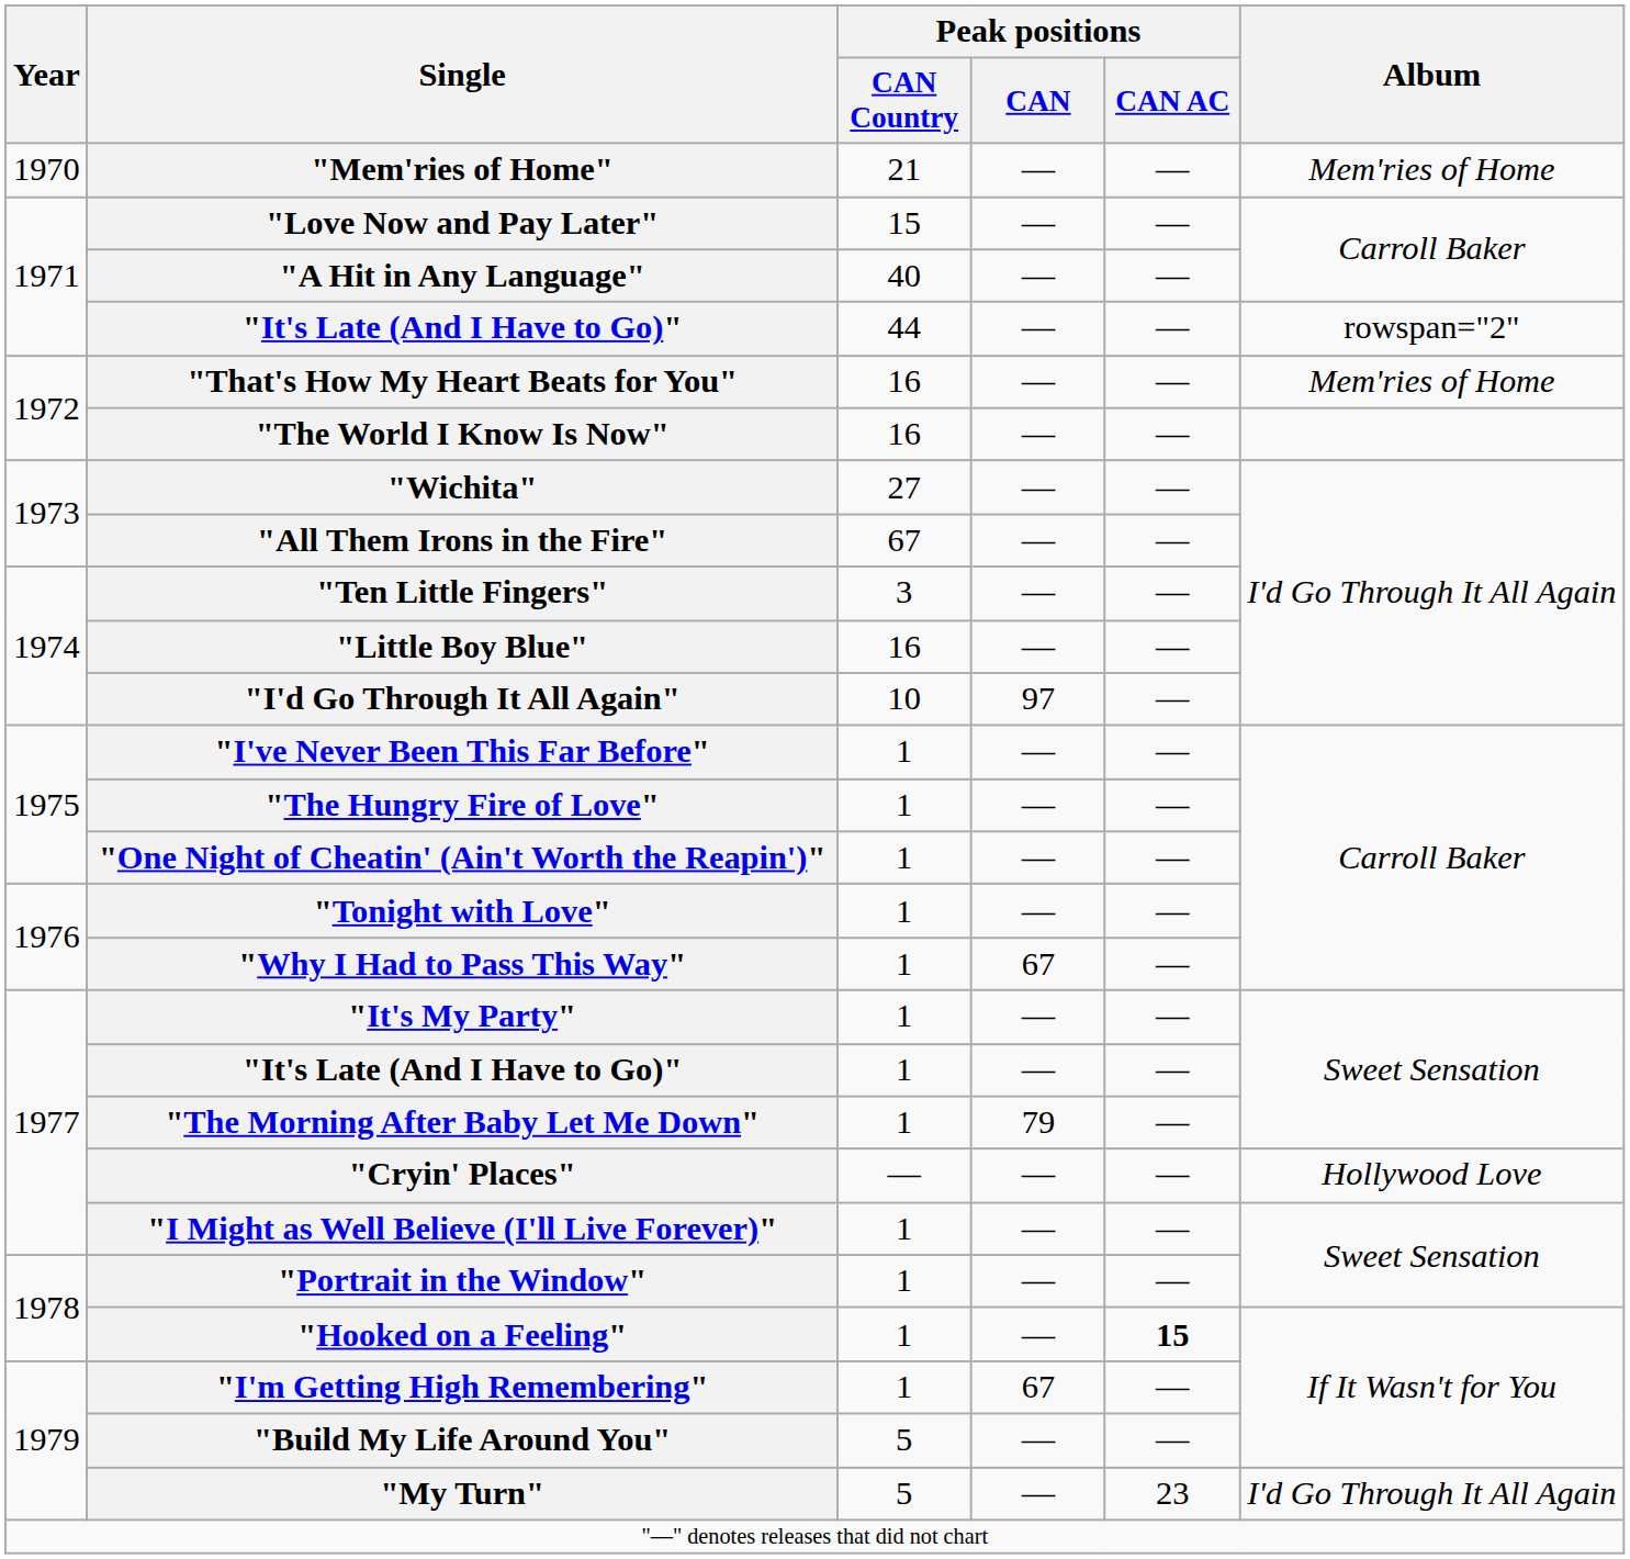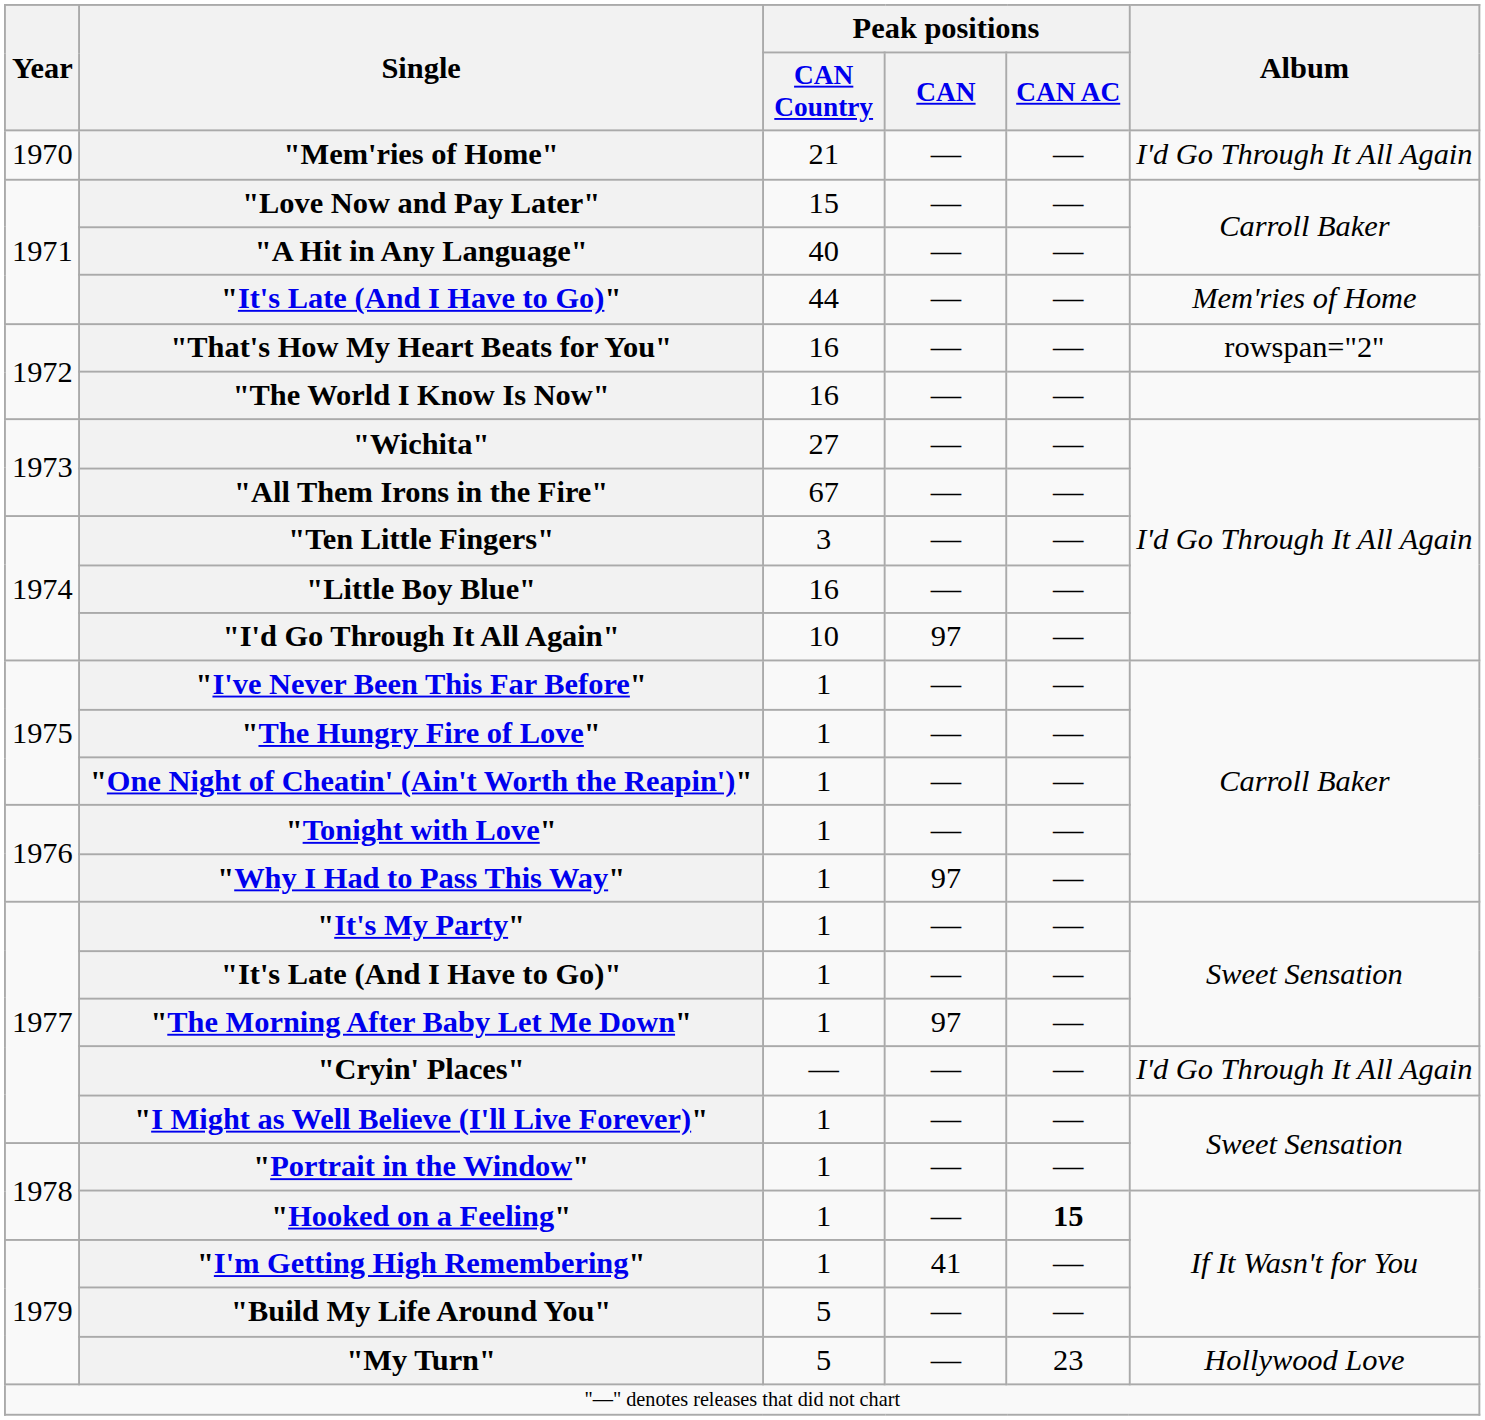 <table class="wikitable plainrowheaders" style="text-align:center;">
 <tr>
 <th rowspan="2">Year</th>
 <th rowspan="2" style="width:22em;">Single</th>
 <th colspan="3">Peak positions</th>
 <th rowspan="2">Album</th>
 </tr>
 <tr>
 <th scope="col" style="width:4em; font-size:90%;"><a href='#'>CAN Country</a><br></th>
 <th scope="col" style="width:4em; font-size:90%;"><a href='#'>CAN</a><br></th>
 <th scope="col" style="width:4em; font-size:90%;"><a href='#'>CAN AC</a><br></th>
 </tr>
 <tr>
 <td>1970</td>
 <th scope="row">"Mem'ries of Home"</th>
 <td>21</td>
 <td>—</td>
 <td>—</td>
-<td><em>Mem'ries of Home</em></td>
+<td><em>I'd Go Through It All Again</em></td>
 </tr>
 <tr>
 <td rowspan="3">1971</td>
 <th scope="row">"Love Now and Pay Later"</th>
 <td>15</td>
 <td>—</td>
 <td>—</td>
 <td rowspan="2"><em>Carroll Baker</em> </td>
 </tr>
 <tr>
 <th scope="row">"A Hit in Any Language"</th>
 <td>40</td>
 <td>—</td>
 <td>—</td>
 </tr>
 <tr>
 <th scope="row">"<a href='#'>It's Late (And I Have to Go)</a>"</th>
 <td>44</td>
 <td>—</td>
 <td>—</td>
-<td>rowspan="2" </td>
+<td><em>Mem'ries of Home</em></td>
 </tr>
 <tr>
 <td rowspan="2">1972</td>
 <th scope="row">"That's How My Heart Beats for You"</th>
 <td>16</td>
 <td>—</td>
 <td>—</td>
-<td><em>Mem'ries of Home</em></td>
+<td>rowspan="2" </td>
 </tr>
 <tr>
 <th scope="row">"The World I Know Is Now"</th>
 <td>16</td>
 <td>—</td>
 <td>—</td>
 </tr>
 <tr>
 <td rowspan="2">1973</td>
 <th scope="row">"Wichita"</th>
 <td>27</td>
 <td>—</td>
 <td>—</td>
 <td rowspan="5"><em>I'd Go Through It All Again</em></td>
 </tr>
 <tr>
 <th scope="row">"All Them Irons in the Fire"</th>
 <td>67</td>
 <td>—</td>
 <td>—</td>
 </tr>
 <tr>
 <td rowspan="3">1974</td>
 <th scope="row">"Ten Little Fingers"</th>
 <td>3</td>
 <td>—</td>
 <td>—</td>
 </tr>
 <tr>
 <th scope="row">"Little Boy Blue"</th>
 <td>16</td>
 <td>—</td>
 <td>—</td>
 </tr>
 <tr>
 <th scope="row">"I'd Go Through It All Again"</th>
 <td>10</td>
 <td>97</td>
 <td>—</td>
 </tr>
 <tr>
 <td rowspan="3">1975</td>
 <th scope="row">"<a href='#'>I've Never Been This Far Before</a>"</th>
 <td>1</td>
 <td>—</td>
 <td>—</td>
 <td rowspan="5"><em>Carroll Baker</em> </td>
 </tr>
 <tr>
 <th scope="row">"<a href='#'>The Hungry Fire of Love</a>"</th>
 <td>1</td>
 <td>—</td>
 <td>—</td>
 </tr>
 <tr>
 <th scope="row">"<a href='#'>One Night of Cheatin' (Ain't Worth the Reapin')</a>"</th>
 <td>1</td>
 <td>—</td>
 <td>—</td>
 </tr>
 <tr>
 <td rowspan="2">1976</td>
 <th scope="row">"<a href='#'>Tonight with Love</a>"</th>
 <td>1</td>
 <td>—</td>
 <td>—</td>
 </tr>
 <tr>
 <th scope="row">"<a href='#'>Why I Had to Pass This Way</a>"</th>
 <td>1</td>
-<td>67</td>
+<td>97</td>
 <td>—</td>
 </tr>
 <tr>
 <td rowspan="5">1977</td>
 <th scope="row">"<a href='#'>It's My Party</a>"</th>
 <td>1</td>
 <td>—</td>
 <td>—</td>
 <td rowspan="3"><em>Sweet Sensation</em></td>
 </tr>
 <tr>
 <th scope="row">"It's Late (And I Have to Go)" </th>
 <td>1</td>
 <td>—</td>
 <td>—</td>
 </tr>
 <tr>
 <th scope="row">"<a href='#'>The Morning After Baby Let Me Down</a>"</th>
 <td>1</td>
-<td>79</td>
+<td>97</td>
 <td>—</td>
 </tr>
 <tr>
 <th scope="row">"Cryin' Places"</th>
 <td>—</td>
 <td>—</td>
 <td>—</td>
-<td><em>Hollywood Love</em></td>
+<td><em>I'd Go Through It All Again</em></td>
 </tr>
 <tr>
 <th scope="row">"<a href='#'>I Might as Well Believe (I'll Live Forever)</a>"</th>
 <td>1</td>
 <td>—</td>
 <td>—</td>
 <td rowspan="2"><em>Sweet Sensation</em></td>
 </tr>
 <tr>
 <td rowspan="2">1978</td>
 <th scope="row">"<a href='#'>Portrait in the Window</a>"</th>
 <td>1</td>
 <td>—</td>
 <td>—</td>
 </tr>
 <tr>
 <th scope="row">"<a href='#'>Hooked on a Feeling</a>"</th>
 <td>1</td>
 <td>—</td>
 <td><strong>15</strong></td>
 <td rowspan="3"><em>If It Wasn't for You</em></td>
 </tr>
 <tr>
 <td rowspan="3">1979</td>
 <th scope="row">"<a href='#'>I'm Getting High Remembering</a>"</th>
 <td>1</td>
-<td>67</td>
+<td>41</td>
 <td>—</td>
 </tr>
 <tr>
 <th scope="row">"Build My Life Around You"</th>
 <td>5</td>
 <td>—</td>
 <td>—</td>
 </tr>
 <tr>
 <th scope="row">"My Turn"</th>
 <td>5</td>
 <td>—</td>
 <td>23</td>
-<td><em>I'd Go Through It All Again</em></td>
+<td><em>Hollywood Love</em></td>
 </tr>
 <tr>
 <td colspan="6" style="font-size:8pt">"—" denotes releases that did not chart</td>
 </tr>
 </table>
